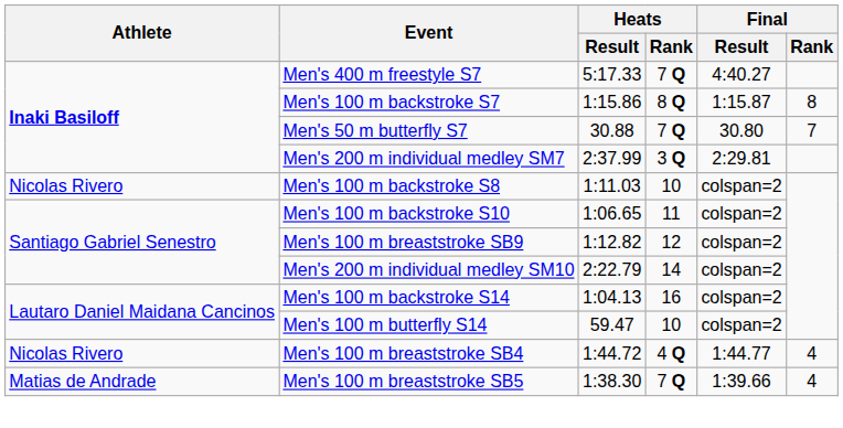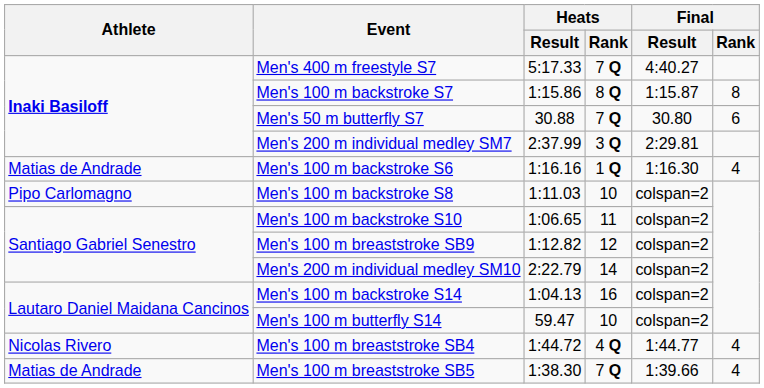 <table class=wikitable style="font-size:90%">
 <tr>
 <th rowspan="2">Athlete</th>
 <th rowspan="2">Event</th>
 <th colspan="2">Heats</th>
 <th colspan="2">Final</th>
 </tr>
 <tr>
 <th>Result</th>
 <th>Rank</th>
 <th>Result</th>
 <th>Rank</th>
 </tr>
 <tr align=center>
 <td align=left rowspan=4><strong><a href='#'>Inaki Basiloff</a></strong></td>
 <td align=left><a href='#'>Men's 400 m freestyle S7</a></td>
 <td>5:17.33</td>
 <td>7 <strong>Q</strong></td>
 <td>4:40.27</td>
 <td></td>
 </tr>
 <tr align=center>
 <td align=left><a href='#'>Men's 100 m backstroke S7</a></td>
 <td>1:15.86</td>
 <td>8 <strong>Q</strong></td>
 <td>1:15.87</td>
 <td>8</td>
 </tr>
 <tr align=center>
 <td align=left><a href='#'>Men's 50 m butterfly S7</a></td>
 <td>30.88</td>
 <td>7 <strong>Q</strong></td>
 <td>30.80</td>
-<td>7</td>
+<td>6</td>
 </tr>
 <tr align=center>
 <td align=left><a href='#'>Men's 200 m individual medley SM7</a></td>
 <td>2:37.99</td>
 <td>3 <strong>Q</strong></td>
 <td>2:29.81</td>
 <td></td>
 </tr>
 <tr align=center>
-<td align=left><a href='#'>Nicolas Rivero</a></td>
+<td align=left><a href='#'>Matias de Andrade</a></td>
+<td align=left><a href='#'>Men's 100 m backstroke S6</a></td>
+<td>1:16.16</td>
+<td>1 <strong>Q</strong></td>
+<td>1:16.30</td>
+<td>4</td>
+</tr>
+<tr align=center>
+<td align=left><a href='#'>Pipo Carlomagno</a></td>
 <td align=left><a href='#'>Men's 100 m backstroke S8</a></td>
 <td>1:11.03</td>
 <td>10</td>
 <td>colspan=2 </td>
 </tr>
 <tr align=center>
 <td align=left rowspan=3><a href='#'>Santiago Gabriel Senestro</a></td>
 <td align=left><a href='#'>Men's 100 m backstroke S10</a></td>
 <td>1:06.65</td>
 <td>11</td>
 <td>colspan=2 </td>
 </tr>
 <tr align=center>
 <td align=left><a href='#'>Men's 100 m breaststroke SB9</a></td>
 <td>1:12.82</td>
 <td>12</td>
 <td>colspan=2 </td>
 </tr>
 <tr align=center>
 <td align=left><a href='#'>Men's 200 m individual medley SM10</a></td>
 <td>2:22.79</td>
 <td>14</td>
 <td>colspan=2 </td>
 </tr>
 <tr align=center>
 <td align=left rowspan=2><a href='#'>Lautaro Daniel Maidana Cancinos</a></td>
 <td align=left><a href='#'>Men's 100 m backstroke S14</a></td>
 <td>1:04.13</td>
 <td>16</td>
 <td>colspan=2 </td>
 </tr>
 <tr align=center>
 <td align=left><a href='#'>Men's 100 m butterfly S14</a></td>
 <td>59.47</td>
 <td>10</td>
 <td>colspan=2 </td>
 </tr>
 <tr align=center>
 <td align=left><a href='#'>Nicolas Rivero</a></td>
 <td align=left><a href='#'>Men's 100 m breaststroke SB4</a></td>
 <td>1:44.72</td>
 <td>4 <strong>Q</strong></td>
 <td>1:44.77</td>
 <td>4</td>
 </tr>
 <tr align=center>
 <td align=left><a href='#'>Matias de Andrade</a></td>
 <td align=left><a href='#'>Men's 100 m breaststroke SB5</a></td>
 <td>1:38.30</td>
 <td>7 <strong>Q</strong></td>
 <td>1:39.66</td>
 <td>4</td>
 </tr>
 </table>
